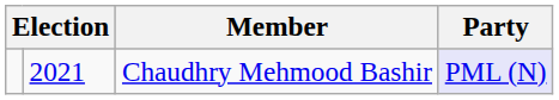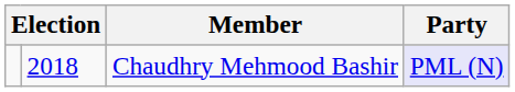 <table class="wikitable">
 <tr>
 <th colspan="2">Election</th>
 <th>Member</th>
 <th>Party</th>
 </tr>
 <tr>
 <td style="background-color: "></td>
-<td><a href='#'>2021</a></td>
+<td><a href='#'>2018</a></td>
 <td><a href='#'>Chaudhry Mehmood Bashir</a></td>
 <td style="background: lavender;"><a href='#'>PML (N)</a></td>
 </tr>
 </table>
